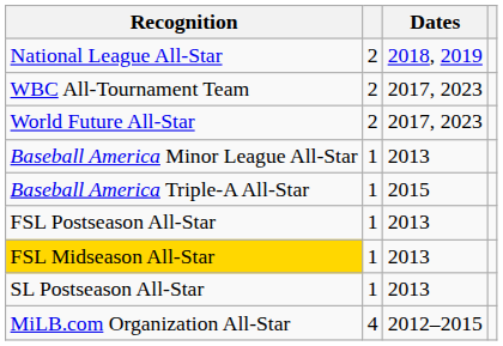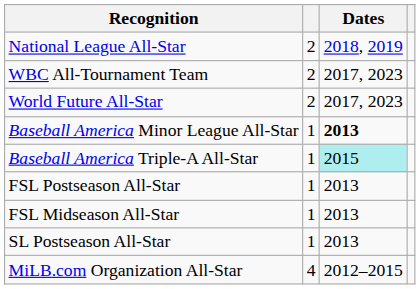 <table class="wikitable" margin: 5px; text-align: center;>
 <tr>
 <th>Recognition</th>
 <th></th>
 <th>Dates</th>
 <th></th>
 </tr>
 <tr>
 <td><a href='#'>National League All-Star</a></td>
 <td align="center">2</td>
 <td><a href='#'>2018</a>, <a href='#'>2019</a></td>
 <td></td>
 </tr>
 <tr>
 <td><a href='#'>WBC</a> All-Tournament Team</td>
 <td align="center">2</td>
 <td>2017, 2023</td>
 <td></td>
 </tr>
 <tr>
 <td><a href='#'>World Future All-Star</a></td>
 <td align="center">2</td>
 <td>2017, 2023</td>
 <td></td>
 </tr>
 <tr>
 <td><em><a href='#'>Baseball America</a></em> Minor League All-Star</td>
 <td align="center">1</td>
-<td>2013</td>
+<td><strong>2013</strong></td>
 <td></td>
 </tr>
 <tr>
 <td><em><a href='#'>Baseball America</a></em> Triple-A All-Star</td>
 <td align="center">1</td>
-<td>2015</td>
+<td style="background: paleturquoise;">2015</td>
 <td></td>
 </tr>
 <tr>
 <td>FSL Postseason All-Star</td>
 <td align="center">1</td>
 <td>2013</td>
 <td></td>
 </tr>
 <tr>
-<td style="background: gold;">FSL Midseason All-Star</td>
+<td>FSL Midseason All-Star</td>
 <td align="center">1</td>
 <td>2013</td>
 <td></td>
 </tr>
 <tr>
 <td>SL Postseason All-Star</td>
 <td align="center">1</td>
 <td>2013</td>
 <td></td>
 </tr>
 <tr>
 <td><a href='#'>MiLB.com</a> Organization All-Star</td>
 <td align="center">4</td>
 <td>2012–2015</td>
 <td></td>
 </tr>
 </table>
